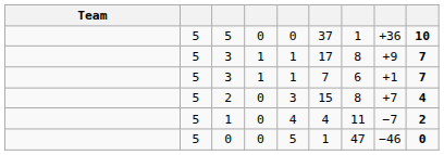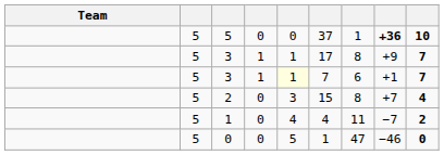 <table class="wikitable" style="text-align: center; font-size:90% ">
 <tr>
 <th width="160">Team</th>
 <th width="25"></th>
 <th width="25"></th>
 <th width="25"></th>
 <th width="25"></th>
 <th width="25"></th>
 <th width="25"></th>
 <th width="25"></th>
 <th width="25"></th>
 </tr>
 <tr>
 <td align="left"></td>
 <td>5</td>
 <td>5</td>
 <td>0</td>
 <td>0</td>
 <td>37</td>
 <td>1</td>
-<td>+36</td>
+<td><strong>+36</strong></td>
 <td><strong>10</strong></td>
 </tr>
 <tr>
 <td align="left"></td>
 <td>5</td>
 <td>3</td>
 <td>1</td>
 <td>1</td>
 <td>17</td>
 <td>8</td>
 <td>+9</td>
 <td><strong>7</strong></td>
 </tr>
 <tr>
 <td align="left"></td>
 <td>5</td>
 <td>3</td>
 <td>1</td>
-<td>1</td>
+<td style="background: lightyellow;">1</td>
 <td>7</td>
 <td>6</td>
 <td>+1</td>
 <td><strong>7</strong></td>
 </tr>
 <tr>
 <td align="left"></td>
 <td>5</td>
 <td>2</td>
 <td>0</td>
 <td>3</td>
 <td>15</td>
 <td>8</td>
 <td>+7</td>
 <td><strong>4</strong></td>
 </tr>
 <tr>
 <td align="left"></td>
 <td>5</td>
 <td>1</td>
 <td>0</td>
 <td>4</td>
 <td>4</td>
 <td>11</td>
 <td>−7</td>
 <td><strong>2</strong></td>
 </tr>
 <tr>
 <td align="left"></td>
 <td>5</td>
 <td>0</td>
 <td>0</td>
 <td>5</td>
 <td>1</td>
 <td>47</td>
 <td>−46</td>
 <td><strong>0</strong></td>
 </tr>
 </table>
